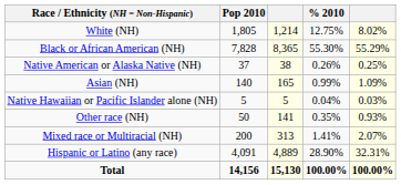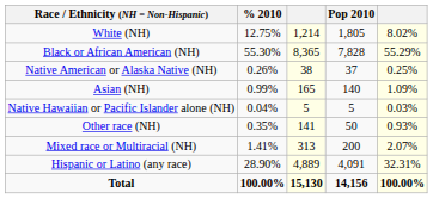 <table class="wikitable" style="text-align:center;">
 <tr>
 <th>Race / Ethnicity <small>(<em>NH = Non-Hispanic</em>)</small></th>
+<th>% 2010</th>
+<th></th>
 <th>Pop 2010</th>
-<th></th>
-<th>% 2010</th>
 <th></th>
 </tr>
 <tr>
 <td><a href='#'>White</a> (NH)</td>
+<td>12.75%</td>
+<td style='background: #ffffe6;'>1,214</td>
 <td>1,805</td>
-<td style='background: #ffffe6;'>1,214</td>
-<td>12.75%</td>
 <td style='background: #ffffe6;'>8.02%</td>
 </tr>
 <tr>
 <td><a href='#'>Black or African American</a> (NH)</td>
+<td>55.30%</td>
+<td style='background: #ffffe6;'>8,365</td>
 <td>7,828</td>
-<td style='background: #ffffe6;'>8,365</td>
-<td>55.30%</td>
 <td style='background: #ffffe6;'>55.29%</td>
 </tr>
 <tr>
 <td><a href='#'>Native American</a> or <a href='#'>Alaska Native</a> (NH)</td>
+<td>0.26%</td>
+<td style='background: #ffffe6;'>38</td>
 <td>37</td>
-<td style='background: #ffffe6;'>38</td>
-<td>0.26%</td>
 <td style='background: #ffffe6;'>0.25%</td>
 </tr>
 <tr>
 <td><a href='#'>Asian</a> (NH)</td>
+<td>0.99%</td>
+<td style='background: #ffffe6;'>165</td>
 <td>140</td>
-<td style='background: #ffffe6;'>165</td>
-<td>0.99%</td>
 <td style='background: #ffffe6;'>1.09%</td>
 </tr>
 <tr>
 <td><a href='#'>Native Hawaiian</a> or <a href='#'>Pacific Islander</a> alone (NH)</td>
+<td>0.04%</td>
+<td style='background: #ffffe6;'>5</td>
 <td>5</td>
-<td style='background: #ffffe6;'>5</td>
-<td>0.04%</td>
 <td style='background: #ffffe6;'>0.03%</td>
 </tr>
 <tr>
 <td><a href='#'>Other race</a> (NH)</td>
+<td>0.35%</td>
+<td style='background: #ffffe6;'>141</td>
 <td>50</td>
-<td style='background: #ffffe6;'>141</td>
-<td>0.35%</td>
 <td style='background: #ffffe6;'>0.93%</td>
 </tr>
 <tr>
 <td><a href='#'>Mixed race or Multiracial</a> (NH)</td>
+<td>1.41%</td>
+<td style='background: #ffffe6;'>313</td>
 <td>200</td>
-<td style='background: #ffffe6;'>313</td>
-<td>1.41%</td>
 <td style='background: #ffffe6;'>2.07%</td>
 </tr>
 <tr>
 <td><a href='#'>Hispanic or Latino</a> (any race)</td>
+<td>28.90%</td>
+<td style='background: #ffffe6;'>4,889</td>
 <td>4,091</td>
-<td style='background: #ffffe6;'>4,889</td>
-<td>28.90%</td>
 <td style='background: #ffffe6;'>32.31%</td>
 </tr>
 <tr>
 <td><strong>Total</strong></td>
+<td><strong>100.00%</strong></td>
+<td style='background: #ffffe6;'><strong>15,130</strong></td>
 <td><strong>14,156</strong></td>
-<td style='background: #ffffe6;'><strong>15,130</strong></td>
-<td><strong>100.00%</strong></td>
 <td style='background: #ffffe6;'><strong>100.00%</strong></td>
 </tr>
 </table>
